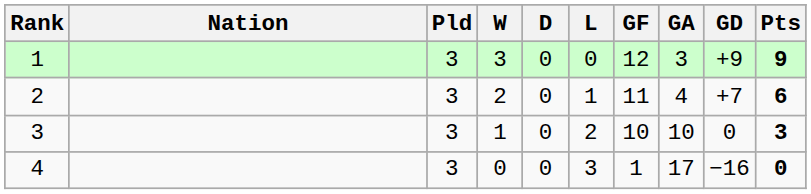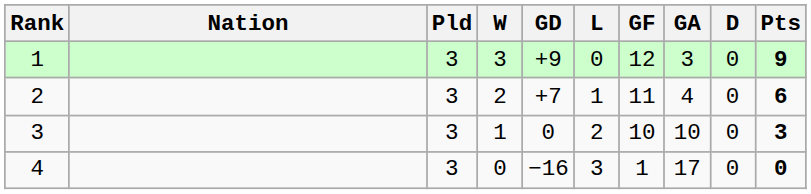 <table class="wikitable" style="text-align: center;">
 <tr>
 <th width=5>Rank</th>
 <th width=200>Nation</th>
 <th width=20>Pld</th>
 <th width=20>W</th>
-<th width=20>D</th>
+<th width=20>GD</th>
 <th width=20>L</th>
 <th width=20>GF</th>
 <th width=20>GA</th>
-<th width=20>GD</th>
+<th width=20>D</th>
 <th width=20>Pts</th>
 </tr>
 <tr style="background:#ccffcc">
 <td>1</td>
 <td style="text-align:left"></td>
 <td>3</td>
 <td>3</td>
-<td>0</td>
+<td>+9</td>
 <td>0</td>
 <td>12</td>
 <td>3</td>
-<td>+9</td>
+<td>0</td>
 <td><strong>9</strong></td>
 </tr>
 <tr>
 <td>2</td>
 <td style="text-align:left"></td>
 <td>3</td>
 <td>2</td>
-<td>0</td>
+<td>+7</td>
 <td>1</td>
 <td>11</td>
 <td>4</td>
-<td>+7</td>
+<td>0</td>
 <td><strong>6</strong></td>
 </tr>
 <tr>
 <td>3</td>
 <td style="text-align:left"></td>
 <td>3</td>
 <td>1</td>
 <td>0</td>
 <td>2</td>
 <td>10</td>
 <td>10</td>
 <td>0</td>
 <td><strong>3</strong></td>
 </tr>
 <tr>
 <td>4</td>
 <td style="text-align:left"></td>
 <td>3</td>
 <td>0</td>
-<td>0</td>
+<td>−16</td>
 <td>3</td>
 <td>1</td>
 <td>17</td>
-<td>−16</td>
+<td>0</td>
 <td><strong>0</strong></td>
 </tr>
 </table>
